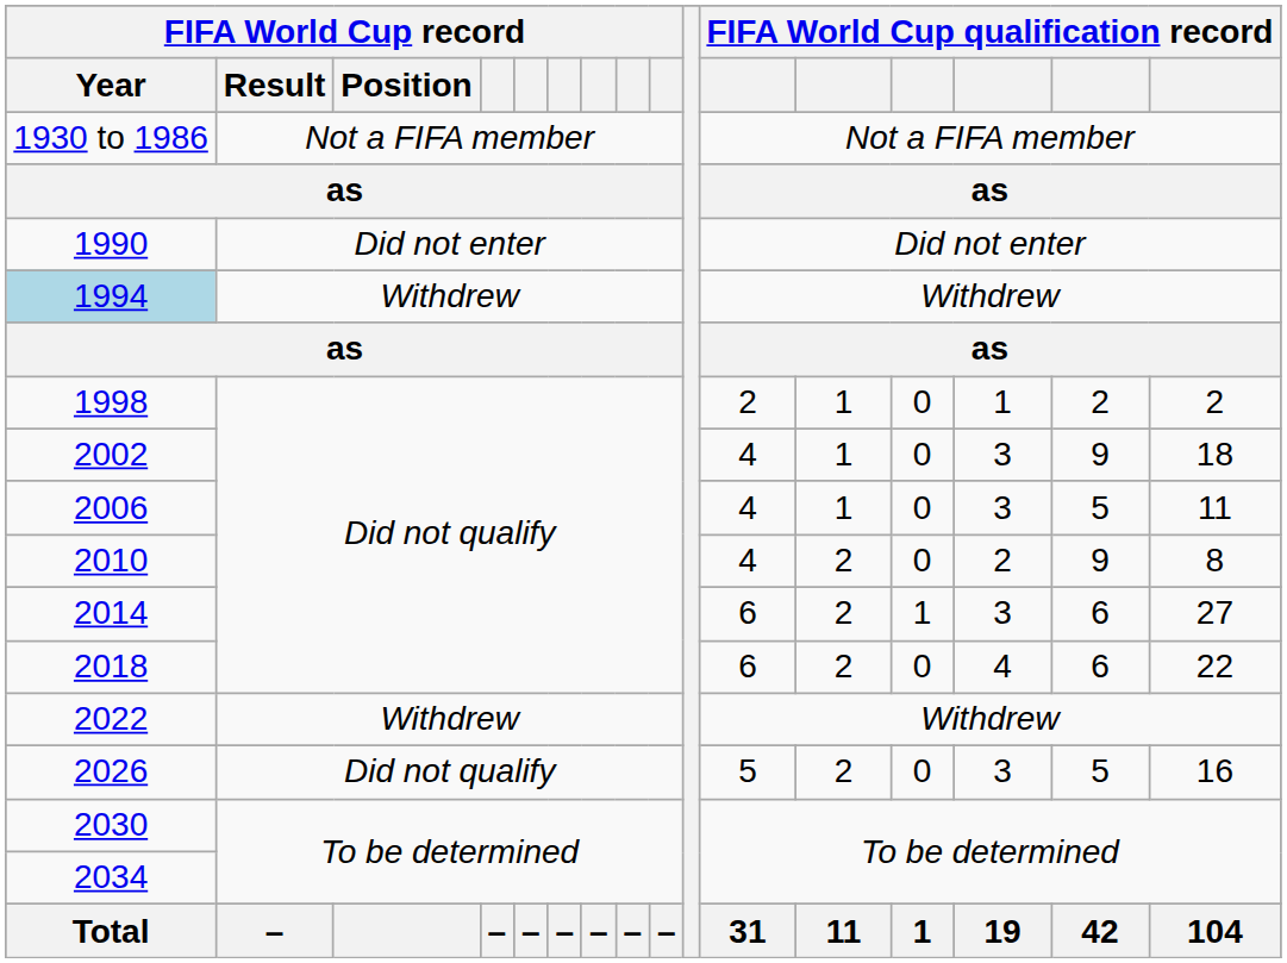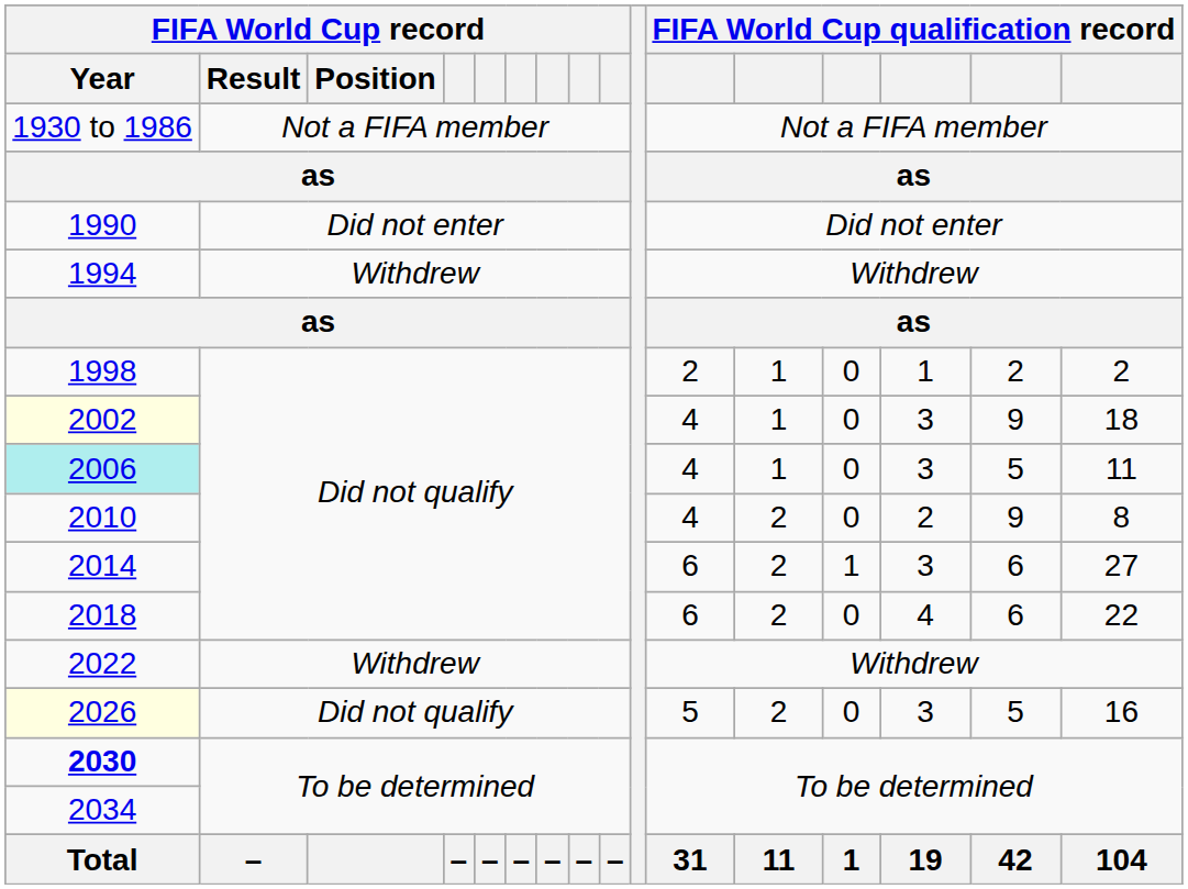 <table class="wikitable" style="text-align: center;">
 <tr>
 <th colspan="9"><a href='#'>FIFA World Cup</a> record</th>
 <th rowspan="26"></th>
 <th colspan="6"><a href='#'>FIFA World Cup qualification</a> record</th>
 </tr>
 <tr>
 <th>Year</th>
 <th>Result</th>
 <th>Position</th>
 <th></th>
 <th></th>
 <th></th>
 <th></th>
 <th></th>
 <th></th>
 <th></th>
 <th></th>
 <th></th>
 <th></th>
 <th></th>
 <th></th>
 </tr>
 <tr>
 <td><a href='#'>1930</a> to <a href='#'>1986</a></td>
 <td colspan=8><em>Not a FIFA member</em></td>
 <td colspan=6><em>Not a FIFA member</em></td>
 </tr>
 <tr>
 <th colspan=9>as <strong></strong></th>
 <th colspan=6>as <strong></strong></th>
 </tr>
 <tr>
 <td> <a href='#'>1990</a></td>
 <td colspan=8><em>Did not enter</em></td>
 <td colspan=6><em>Did not enter</em></td>
 </tr>
 <tr>
-<td style="background: lightblue;"> <a href='#'>1994</a></td>
+<td> <a href='#'>1994</a></td>
 <td colspan=8><em>Withdrew</em></td>
 <td colspan=6><em>Withdrew</em></td>
 </tr>
 <tr>
 <th colspan=9>as <strong></strong></th>
 <th colspan=6>as <strong></strong></th>
 </tr>
 <tr>
 <td> <a href='#'>1998</a></td>
 <td colspan=8 rowspan=6><em>Did not qualify</em></td>
 <td>2</td>
 <td>1</td>
 <td>0</td>
 <td>1</td>
 <td>2</td>
 <td>2</td>
 </tr>
 <tr>
-<td>  <a href='#'>2002</a></td>
+<td style="background: lightyellow;">  <a href='#'>2002</a></td>
 <td>4</td>
 <td>1</td>
 <td>0</td>
 <td>3</td>
 <td>9</td>
 <td>18</td>
 </tr>
 <tr>
-<td> <a href='#'>2006</a></td>
+<td style="background: paleturquoise;"> <a href='#'>2006</a></td>
 <td>4</td>
 <td>1</td>
 <td>0</td>
 <td>3</td>
 <td>5</td>
 <td>11</td>
 </tr>
 <tr>
 <td> <a href='#'>2010</a></td>
 <td>4</td>
 <td>2</td>
 <td>0</td>
 <td>2</td>
 <td>9</td>
 <td>8</td>
 </tr>
 <tr>
 <td> <a href='#'>2014</a></td>
 <td>6</td>
 <td>2</td>
 <td>1</td>
 <td>3</td>
 <td>6</td>
 <td>27</td>
 </tr>
 <tr>
 <td> <a href='#'>2018</a></td>
 <td>6</td>
 <td>2</td>
 <td>0</td>
 <td>4</td>
 <td>6</td>
 <td>22</td>
 </tr>
 <tr>
 <td> <a href='#'>2022</a></td>
 <td colspan=8><em>Withdrew</em></td>
 <td colspan=6><em>Withdrew</em></td>
 </tr>
 <tr>
-<td>   <a href='#'>2026</a></td>
+<td style="background: lightyellow;">   <a href='#'>2026</a></td>
 <td colspan="8"><em>Did not qualify</em></td>
 <td>5</td>
 <td>2</td>
 <td>0</td>
 <td>3</td>
 <td>5</td>
 <td>16</td>
 </tr>
 <tr>
-<td>   <a href='#'>2030</a></td>
+<td><strong>   <a href='#'>2030</a></strong></td>
 <td colspan="8" rowspan="2"><em>To be determined</em></td>
 <td colspan="6" rowspan="2"><em>To be determined</em></td>
 </tr>
 <tr>
 <td> <a href='#'>2034</a></td>
 </tr>
 <tr>
 <th><strong>Total</strong></th>
 <th><strong>–</strong></th>
 <th><strong></strong></th>
 <th><strong>–</strong></th>
 <th><strong>–</strong></th>
 <th><strong>–</strong></th>
 <th><strong>–</strong></th>
 <th><strong>–</strong></th>
 <th><strong>–</strong></th>
 <th><strong>31</strong></th>
 <th><strong>11</strong></th>
 <th><strong>1</strong></th>
 <th><strong>19</strong></th>
 <th><strong>42</strong></th>
 <th><strong>104</strong></th>
 </tr>
 </table>
